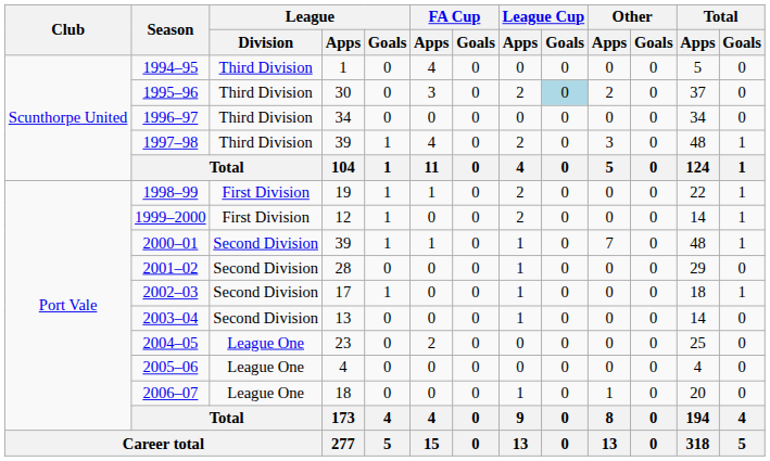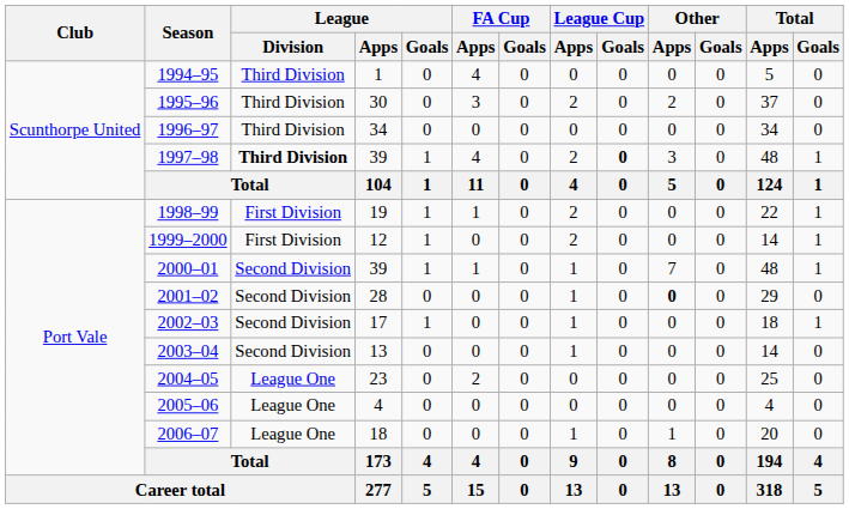 <table class="wikitable" style="text-align:center">
 <tr>
 <th rowspan="2">Club</th>
 <th rowspan="2">Season</th>
 <th colspan="3">League</th>
 <th colspan="2"><a href='#'>FA Cup</a></th>
 <th colspan="2"><a href='#'>League Cup</a></th>
 <th colspan="2">Other</th>
 <th colspan="2">Total</th>
 </tr>
 <tr>
 <th>Division</th>
 <th>Apps</th>
 <th>Goals</th>
 <th>Apps</th>
 <th>Goals</th>
 <th>Apps</th>
 <th>Goals</th>
 <th>Apps</th>
 <th>Goals</th>
 <th>Apps</th>
 <th>Goals</th>
 </tr>
 <tr>
 <td rowspan="5"><a href='#'>Scunthorpe United</a></td>
 <td><a href='#'>1994–95</a></td>
 <td><a href='#'>Third Division</a></td>
 <td>1</td>
 <td>0</td>
 <td>4</td>
 <td>0</td>
 <td>0</td>
 <td>0</td>
 <td>0</td>
 <td>0</td>
 <td>5</td>
 <td>0</td>
 </tr>
 <tr>
 <td><a href='#'>1995–96</a></td>
 <td>Third Division</td>
 <td>30</td>
 <td>0</td>
 <td>3</td>
 <td>0</td>
 <td>2</td>
-<td style="background: lightblue;">0</td>
+<td>0</td>
 <td>2</td>
 <td>0</td>
 <td>37</td>
 <td>0</td>
 </tr>
 <tr>
 <td><a href='#'>1996–97</a></td>
 <td>Third Division</td>
 <td>34</td>
 <td>0</td>
 <td>0</td>
 <td>0</td>
 <td>0</td>
 <td>0</td>
 <td>0</td>
 <td>0</td>
 <td>34</td>
 <td>0</td>
 </tr>
 <tr>
 <td><a href='#'>1997–98</a></td>
-<td>Third Division</td>
+<td><strong>Third Division</strong></td>
 <td>39</td>
 <td>1</td>
 <td>4</td>
 <td>0</td>
 <td>2</td>
-<td>0</td>
+<td><strong>0</strong></td>
 <td>3</td>
 <td>0</td>
 <td>48</td>
 <td>1</td>
 </tr>
 <tr>
 <th colspan="2">Total</th>
 <th>104</th>
 <th>1</th>
 <th>11</th>
 <th>0</th>
 <th>4</th>
 <th>0</th>
 <th>5</th>
 <th>0</th>
 <th>124</th>
 <th>1</th>
 </tr>
 <tr>
 <td rowspan="10"><a href='#'>Port Vale</a></td>
 <td><a href='#'>1998–99</a></td>
 <td><a href='#'>First Division</a></td>
 <td>19</td>
 <td>1</td>
 <td>1</td>
 <td>0</td>
 <td>2</td>
 <td>0</td>
 <td>0</td>
 <td>0</td>
 <td>22</td>
 <td>1</td>
 </tr>
 <tr>
 <td><a href='#'>1999–2000</a></td>
 <td>First Division</td>
 <td>12</td>
 <td>1</td>
 <td>0</td>
 <td>0</td>
 <td>2</td>
 <td>0</td>
 <td>0</td>
 <td>0</td>
 <td>14</td>
 <td>1</td>
 </tr>
 <tr>
 <td><a href='#'>2000–01</a></td>
 <td><a href='#'>Second Division</a></td>
 <td>39</td>
 <td>1</td>
 <td>1</td>
 <td>0</td>
 <td>1</td>
 <td>0</td>
 <td>7</td>
 <td>0</td>
 <td>48</td>
 <td>1</td>
 </tr>
 <tr>
 <td><a href='#'>2001–02</a></td>
 <td>Second Division</td>
 <td>28</td>
 <td>0</td>
 <td>0</td>
 <td>0</td>
 <td>1</td>
 <td>0</td>
-<td>0</td>
+<td><strong>0</strong></td>
 <td>0</td>
 <td>29</td>
 <td>0</td>
 </tr>
 <tr>
 <td><a href='#'>2002–03</a></td>
 <td>Second Division</td>
 <td>17</td>
 <td>1</td>
 <td>0</td>
 <td>0</td>
 <td>1</td>
 <td>0</td>
 <td>0</td>
 <td>0</td>
 <td>18</td>
 <td>1</td>
 </tr>
 <tr>
 <td><a href='#'>2003–04</a></td>
 <td>Second Division</td>
 <td>13</td>
 <td>0</td>
 <td>0</td>
 <td>0</td>
 <td>1</td>
 <td>0</td>
 <td>0</td>
 <td>0</td>
 <td>14</td>
 <td>0</td>
 </tr>
 <tr>
 <td><a href='#'>2004–05</a></td>
 <td><a href='#'>League One</a></td>
 <td>23</td>
 <td>0</td>
 <td>2</td>
 <td>0</td>
 <td>0</td>
 <td>0</td>
 <td>0</td>
 <td>0</td>
 <td>25</td>
 <td>0</td>
 </tr>
 <tr>
 <td><a href='#'>2005–06</a></td>
 <td>League One</td>
 <td>4</td>
 <td>0</td>
 <td>0</td>
 <td>0</td>
 <td>0</td>
 <td>0</td>
 <td>0</td>
 <td>0</td>
 <td>4</td>
 <td>0</td>
 </tr>
 <tr>
 <td><a href='#'>2006–07</a></td>
 <td>League One</td>
 <td>18</td>
 <td>0</td>
 <td>0</td>
 <td>0</td>
 <td>1</td>
 <td>0</td>
 <td>1</td>
 <td>0</td>
 <td>20</td>
 <td>0</td>
 </tr>
 <tr>
 <th colspan="2">Total</th>
 <th>173</th>
 <th>4</th>
 <th>4</th>
 <th>0</th>
 <th>9</th>
 <th>0</th>
 <th>8</th>
 <th>0</th>
 <th>194</th>
 <th>4</th>
 </tr>
 <tr>
 <th colspan="3">Career total</th>
 <th>277</th>
 <th>5</th>
 <th>15</th>
 <th>0</th>
 <th>13</th>
 <th>0</th>
 <th>13</th>
 <th>0</th>
 <th>318</th>
 <th>5</th>
 </tr>
 </table>
